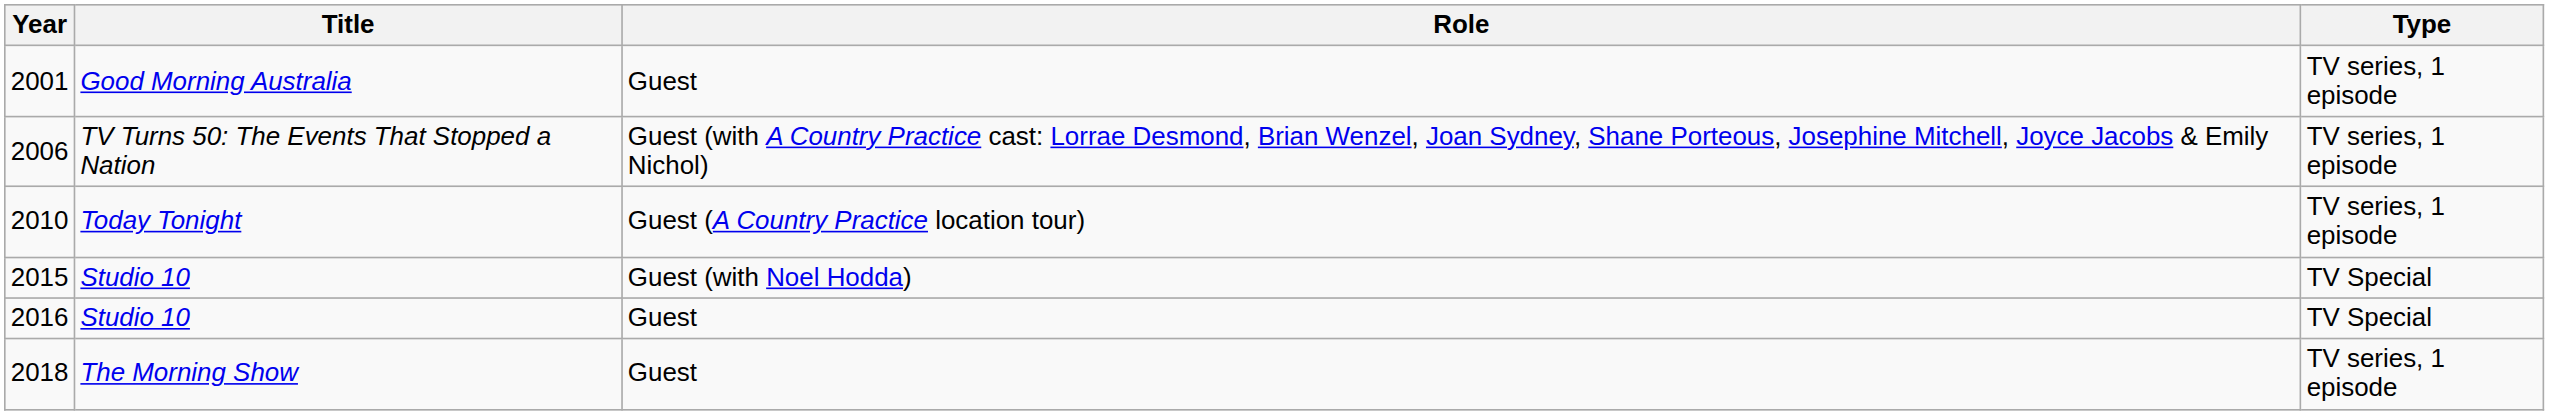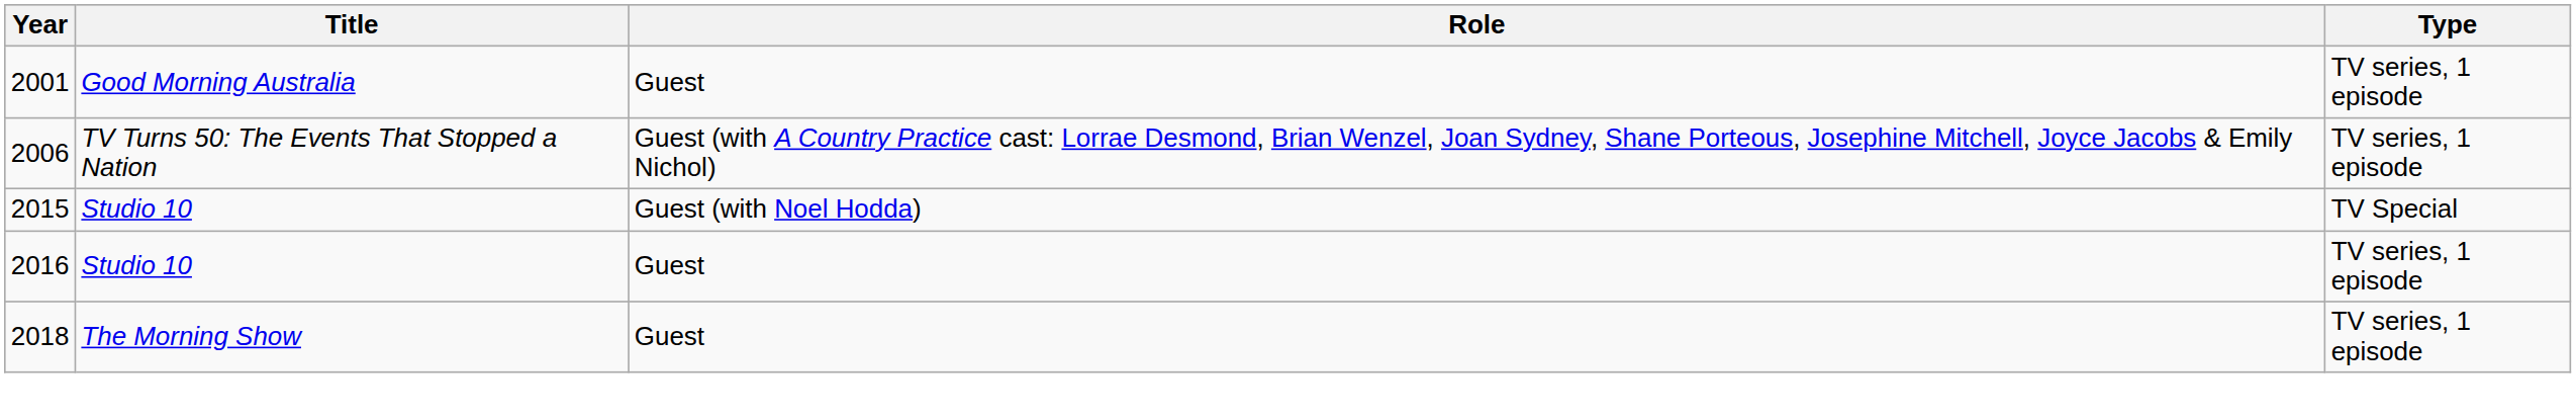 <table class="wikitable">
 <tr>
 <th>Year</th>
 <th>Title</th>
 <th>Role</th>
 <th>Type</th>
 </tr>
 <tr>
 <td>2001</td>
 <td><em><a href='#'>Good Morning Australia</a></em></td>
 <td>Guest</td>
 <td>TV series, 1 episode</td>
 </tr>
 <tr>
 <td>2006</td>
 <td><em>TV Turns 50: The Events That Stopped a Nation</em></td>
 <td>Guest (with <em><a href='#'>A Country Practice</a></em> cast: <a href='#'>Lorrae Desmond</a>, <a href='#'>Brian Wenzel</a>, <a href='#'>Joan Sydney</a>, <a href='#'>Shane Porteous</a>, <a href='#'>Josephine Mitchell</a>, <a href='#'>Joyce Jacobs</a> & Emily Nichol)</td>
 <td>TV series, 1 episode</td>
 </tr>
 <tr>
-<td>2010</td>
-<td><em><a href='#'>Today Tonight</a></em></td>
-<td>Guest (<em><a href='#'>A Country Practice</a></em> location tour)</td>
-<td>TV series, 1 episode</td>
-</tr>
-<tr>
 <td>2015</td>
 <td><em><a href='#'>Studio 10</a></em></td>
 <td>Guest (with <a href='#'>Noel Hodda</a>)</td>
 <td>TV Special</td>
 </tr>
 <tr>
 <td>2016</td>
 <td><em><a href='#'>Studio 10</a></em></td>
 <td>Guest</td>
-<td>TV Special</td>
+<td>TV series, 1 episode</td>
 </tr>
 <tr>
 <td>2018</td>
 <td><em><a href='#'>The Morning Show</a></em></td>
 <td>Guest</td>
 <td>TV series, 1 episode</td>
 </tr>
 </table>
